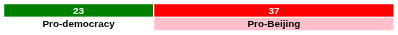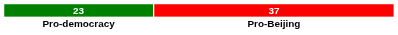 <table style="width:50%; text-align:center;">
 <tr style="color:white;">
 <td style="background:green; width:38.33%;"><strong>23</strong></td>
 <td style="background:red; width:61.67%;"><strong>37</strong></td>
 </tr>
 <tr>
 <td><span><strong>Pro-democracy</strong></span></td>
-<td style="background: pink;"><span><strong>Pro-Beijing</strong></span></td>
+<td><span><strong>Pro-Beijing</strong></span></td>
 </tr>
 </table>
